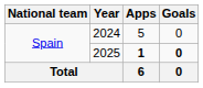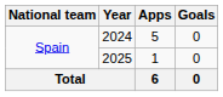 <table class="wikitable" style="text-align:center">
 <tr>
 <th>National team</th>
 <th>Year</th>
 <th>Apps</th>
 <th>Goals</th>
 </tr>
 <tr>
 <td rowspan="2"><a href='#'>Spain</a></td>
 <td>2024</td>
 <td>5</td>
 <td>0</td>
 </tr>
 <tr>
 <td>2025</td>
-<td><strong>1</strong></td>
-<td><strong>0</strong></td>
+<td>1</td>
+<td>0</td>
 </tr>
 <tr>
 <th colspan="2">Total</th>
 <th>6</th>
 <th>0</th>
 </tr>
 </table>
